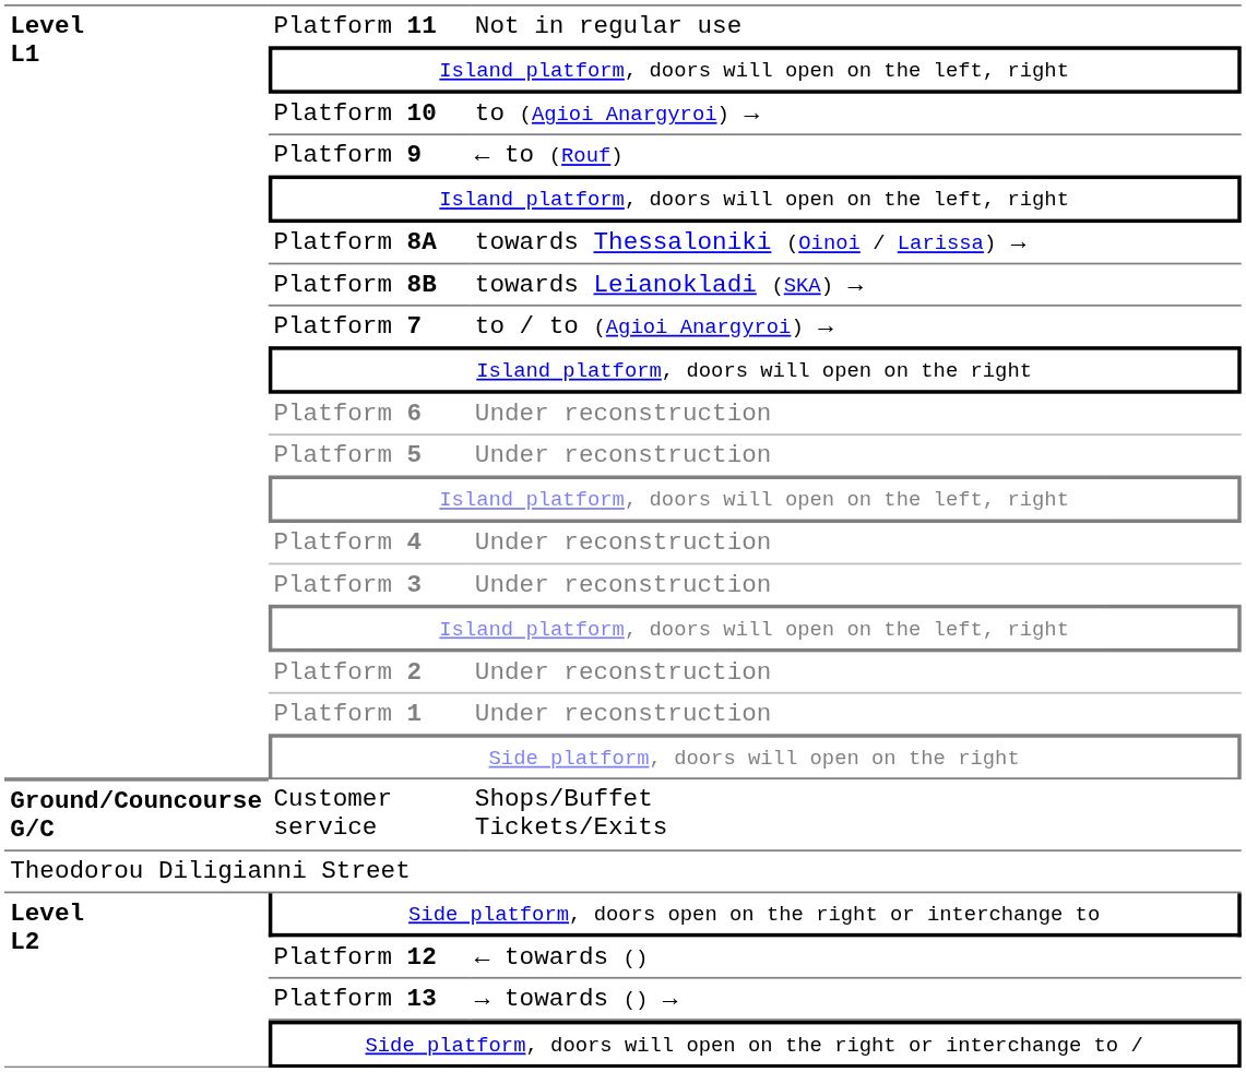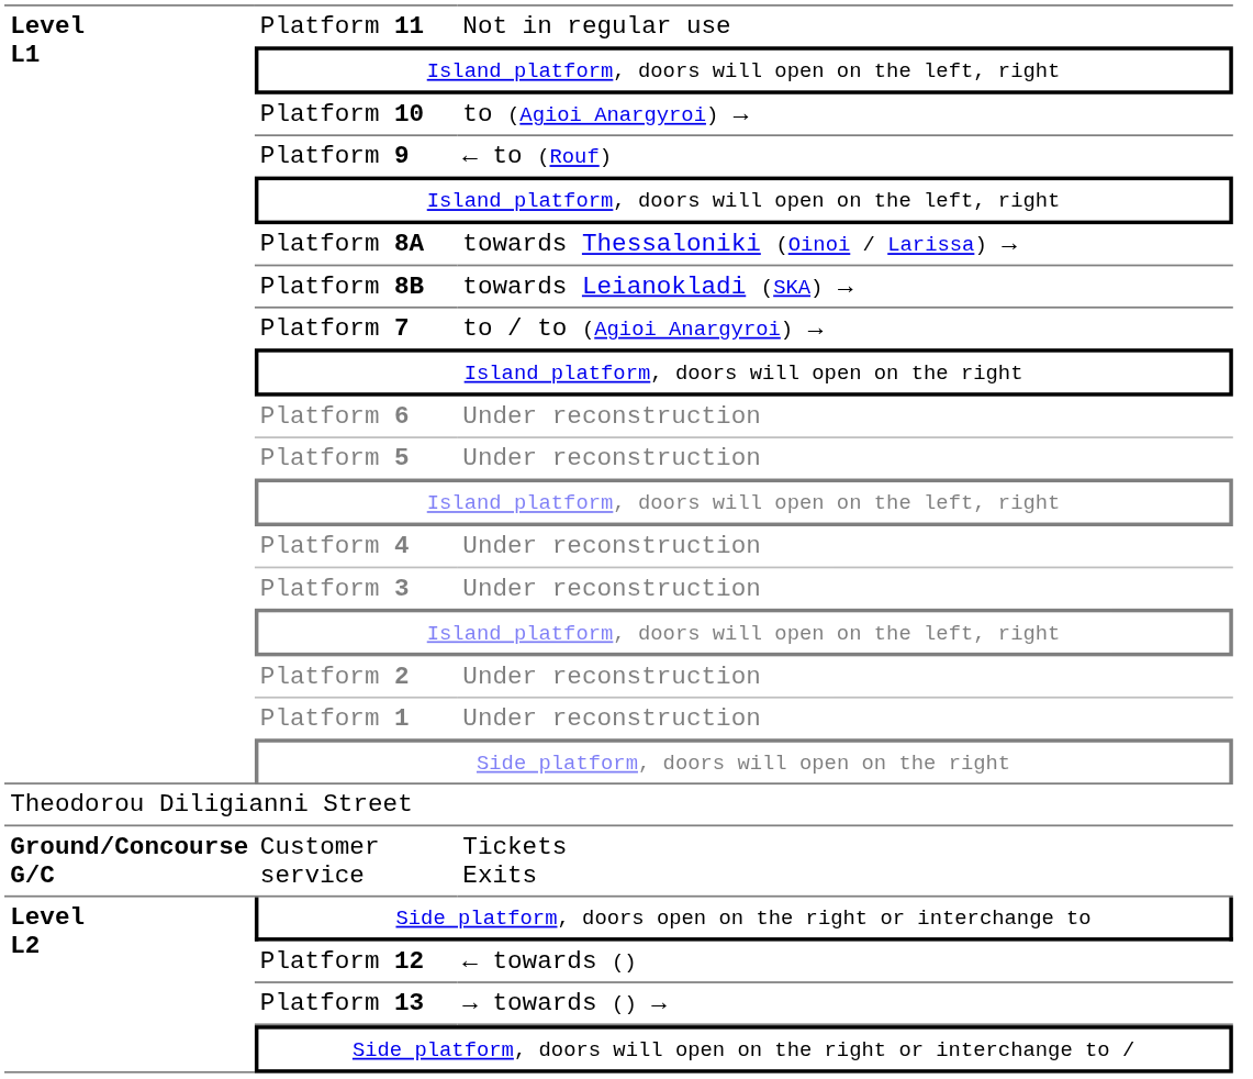 <table border=0 cellspacing=0 cellpadding=3>
 <tr>
 <td style="border-top:solid 1px gray;border-bottom:solid 1px gray;" rowspan=18 valign=top><strong>Level<br>L1</strong></td>
 <td style="border-top:solid 1px gray;">Platform <strong>11</strong></td>
 <td style="border-top:solid 1px gray;"> Not in regular use</td>
 </tr>
 <tr>
 <td style="border-right:solid 2px black;border-left:solid 2px black;border-top:solid 2px black;border-bottom:solid 2px black;text-align:center;" colspan=2><small><a href='#'>Island platform</a>, doors will open on the left, right</small></td>
 </tr>
 <tr>
 <td style="border-bottom:solid 1px gray;">Platform <strong>10</strong></td>
 <td style="border-bottom:solid 1px gray;">  to  <small>(<a href='#'>Agioi Anargyroi</a>)</small> →</td>
 </tr>
 <tr>
 <td style="border-bottom:solid 0 gray;">Platform <strong>9</strong></td>
 <td style="border-bottom:solid 0 gray;">←   to  <small>(<a href='#'>Rouf</a>)</small></td>
 </tr>
 <tr>
 <td style="border-right:solid 2px black;border-left:solid 2px black;border-top:solid 2px black;border-bottom:solid 2px black;text-align:center;" colspan=2><small><a href='#'>Island platform</a>, doors will open on the left, right</small></td>
 </tr>
 <tr>
 <td style="border-bottom:solid 1px gray;">Platform <strong>8A</strong></td>
 <td style="border-bottom:solid 1px gray;">  towards <a href='#'>Thessaloniki</a> <small>(<a href='#'>Oinoi</a> / <a href='#'>Larissa</a>)</small> →</td>
 </tr>
 <tr>
 <td style="border-bottom:solid 1px gray;">Platform <strong>8Β</strong></td>
 <td style="border-bottom:solid 1px gray;">  towards <a href='#'>Leianokladi</a> <small>(<a href='#'>SKA</a>)</small> →</td>
 </tr>
 <tr>
 <td style="border-bottom:solid 0 gray;">Platform <strong>7</strong></td>
 <td style="border-bottom:solid 0 gray;">  to  /  to  <small>(<a href='#'>Agioi Anargyroi</a>)</small> →</td>
 </tr>
 <tr>
 <td style="border-right:solid 2px black;border-left:solid 2px black;border-top:solid 2px black;border-bottom:solid 2px black;text-align:center;" colspan=2><small><a href='#'>Island platform</a>, doors will open on the right</small></td>
 </tr>
 <tr>
 <td style="opacity:0.5;border-bottom:solid 1px gray;">Platform <strong>6</strong></td>
 <td style="border-bottom:solid 1px gray;opacity:0.5;"> Under reconstruction</td>
 </tr>
 <tr>
 <td style="opacity:0.5;border-bottom:solid 0 gray;">Platform <strong>5</strong></td>
 <td style="opacity:0.5;border-bottom:solid 0 gray;"> Under reconstruction</td>
 </tr>
 <tr>
 <td style="opacity:0.5;border-right:solid 2px black;border-left:solid 2px black;border-top:solid 2px black;border-bottom:solid 2px black;text-align:center;" colspan=2><small><a href='#'>Island platform</a>, doors will open on the left, right</small></td>
 </tr>
 <tr>
 <td style="opacity:0.5;border-bottom:solid 1px gray;">Platform <strong>4</strong></td>
 <td style="opacity:0.5;border-bottom:solid 1px gray;"> Under reconstruction</td>
 </tr>
 <tr>
 <td style="opacity:0.5;border-bottom:solid 0 gray;">Platform <strong>3</strong></td>
 <td style="opacity:0.5;border-bottom:solid 0 gray;"> Under reconstruction</td>
 </tr>
 <tr>
 <td style="opacity:0.5;border-right:solid 2px black;border-left:solid 2px black;border-top:solid 2px black;border-bottom:solid 2px black;text-align:center;" colspan=2><small><a href='#'>Island platform</a>, doors will open on the left, right</small></td>
 </tr>
 <tr>
 <td style="opacity:0.5;border-bottom:solid 1px gray;">Platform <strong>2</strong></td>
 <td style="opacity:0.5;border-bottom:solid 1px gray;"> Under reconstruction</td>
 </tr>
 <tr>
 <td style="opacity:0.5;border-bottom:solid 0 gray;">Platform <strong>1</strong></td>
 <td style="opacity:0.5;border-bottom:solid 0 gray;"> Under reconstruction</td>
 </tr>
 <tr>
 <td style="opacity:0.5;border-right:solid 2px black;border-left:solid 2px black;border-top:solid 2px black;border-bottom:solid 1px black;text-align:center;" colspan=2><small><a href='#'>Side platform</a>, doors will open on the right</small></td>
 </tr>
 <tr>
-<td style="border-bottom:solid 1px gray;border-top:solid 1px gray;" width=50 valign=top><strong>Ground/Councourse<br>G/C</strong></td>
-<td style="border-bottom:solid 1px gray;" width=100 valign=top>Customer service</td>
-<td style="border-bottom:solid 1px gray;" width=400 valign=top>Shops/Buffet<br>Tickets/Exits</td>
+<td style="border-bottom:solid 1px gray;" colspan=3>Theodorou Diligianni Street</td>
 </tr>
 <tr>
-<td style="border-bottom:solid 1px gray;" colspan=3>Theodorou Diligianni Street</td>
+<td style="border-bottom:solid 1px gray;border-top:solid 0 gray;" width=50 valign=top><strong>Ground/Concourse<br>G/C</strong></td>
+<td style="border-top:solid 0 gray;border-bottom:solid 1px gray;" width=100 valign=top>Customer service</td>
+<td style="border-top:solid 0 gray;border-bottom:solid 1px gray;" width=400 valign=top>Tickets<br>Exits</td>
 </tr>
 <tr>
 <td style="border-bottom:solid 1px gray;" rowspan=5 valign=top><strong>Level<br>L2</strong></td>
 <td style="border-right:solid 2px black;border-left:solid 2px black;border-top:solid 0 gray;border-bottom:solid 2px black;text-align:center;" colspan=2><small><a href='#'>Side platform</a>, doors open on the right or interchange to  </small></td>
 </tr>
 <tr>
 <td style="border-bottom:solid 1px gray;">Platform <span><strong>12</strong></span></td>
 <td style="border-bottom:solid 1px gray;">←  towards  <small>()</small></td>
 </tr>
 <tr>
 <td style="border-bottom:solid 1px gray;">Platform <span><strong>13</strong></span></td>
 <td style="border-bottom:solid 1px gray;"><span>→</span>  towards  <small>()</small> →</td>
 </tr>
 <tr>
 <td style="border-top:solid 2px black;border-left:solid 2px black;border-right:solid 2px black;border-bottom:solid 2px black;text-align:center;" colspan=2><small><a href='#'>Side platform</a>, doors will open on the right or interchange to  / </small></td>
 </tr>
 </table>
